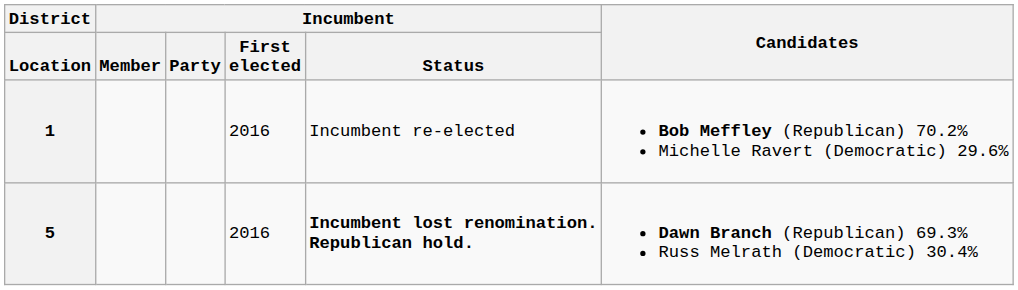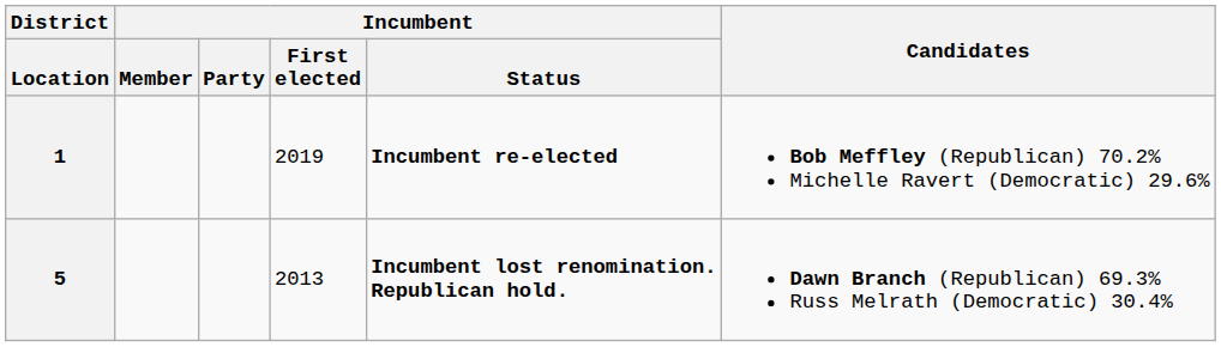 <table class="wikitable sortable">
 <tr>
 <th colspan=1>District</th>
 <th colspan=4>Incumbent</th>
 <th rowspan=2 class="unsortable">Candidates</th>
 </tr>
 <tr valign=bottom>
 <th>Location</th>
 <th>Member</th>
 <th>Party</th>
 <th>First<br>elected</th>
 <th>Status</th>
 </tr>
 <tr>
 <th>1</th>
 <td></td>
 <td></td>
-<td>2016</td>
-<td>Incumbent re-elected</td>
+<td>2019</td>
+<td><strong>Incumbent re-elected</strong></td>
 <td nowrap><br><ul><li> <strong>Bob Meffley</strong> (Republican) 70.2%</li><li>Michelle Ravert (Democratic) 29.6%</li></ul> </td>
 </tr>
 <tr>
 <th>5</th>
 <td></td>
 <td></td>
-<td>2016</td>
+<td>2013</td>
 <td><strong>Incumbent lost renomination.<br>Republican hold.</strong></td>
 <td nowrap><br><ul><li> <strong>Dawn Branch</strong> (Republican) 69.3%</li><li>Russ Melrath (Democratic) 30.4%</li></ul> </td>
 </tr>
 </table>
